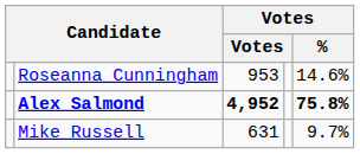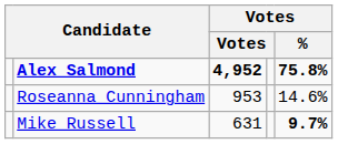 <table class=wikitable style="font-size:95%;">
 <tr>
 <th colspan="2" scope="col" rowspan="2" width="125">Candidate</th>
 <th scope="col" colspan="3" width="75">Votes</th>
 </tr>
 <tr>
 <th scope="col" colspan="2">Votes</th>
 <th>%</th>
 </tr>
 <tr align="right">
 <td style="background-color: "></td>
+<td scope="row" align="left"><strong><a href='#'>Alex Salmond</a></strong> </td>
+<td><strong>4,952</strong></td>
+<td align=center></td>
+<td><strong>75.8%</strong></td>
+</tr>
+<tr align="right">
+<td style="background-color: "></td>
 <td scope="row" align="left"><a href='#'>Roseanna Cunningham</a></td>
 <td>953</td>
 <td align=center></td>
 <td>14.6%</td>
 </tr>
 <tr align="right">
 <td style="background-color: "></td>
-<td scope="row" align="left"><strong><a href='#'>Alex Salmond</a></strong> </td>
-<td><strong>4,952</strong></td>
-<td align=center></td>
-<td><strong>75.8%</strong></td>
-</tr>
-<tr align="right">
-<td style="background-color: "></td>
 <td scope="row" align="left"><a href='#'>Mike Russell</a></td>
 <td>631</td>
 <td align=center></td>
-<td>9.7%</td>
+<td><strong>9.7%</strong></td>
 </tr>
 </table>
